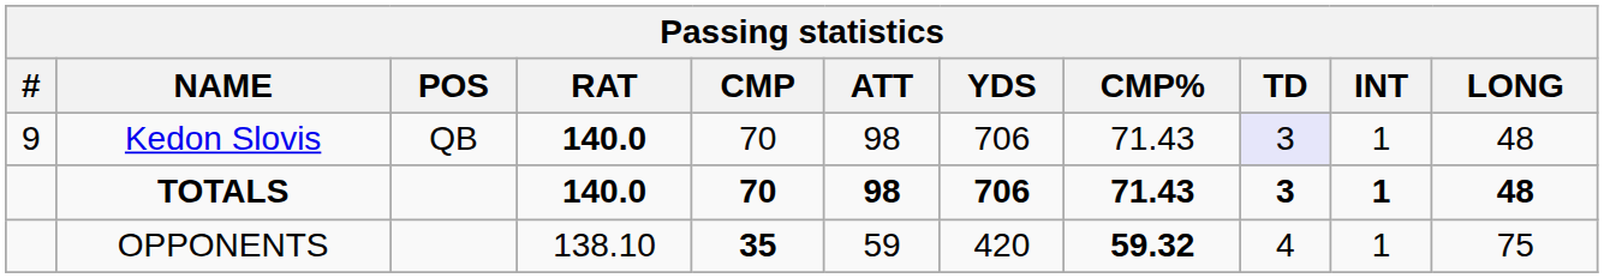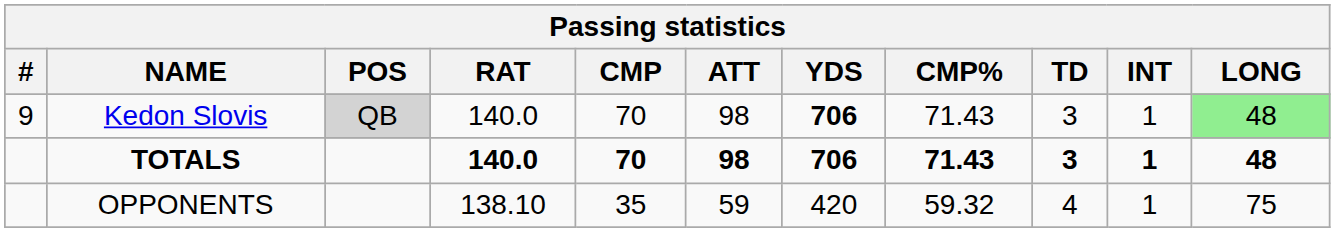 <table style="width:60%; text-align:center;" class="wikitable collapsible collapsed">
 <tr>
 <th colspan="12">Passing statistics</th>
 </tr>
 <tr>
 <th>#</th>
 <th>NAME</th>
 <th>POS</th>
 <th>RAT</th>
 <th>CMP</th>
 <th>ATT</th>
 <th>YDS</th>
 <th>CMP%</th>
 <th>TD</th>
 <th>INT</th>
 <th>LONG</th>
 </tr>
 <tr>
 <td>9</td>
 <td><a href='#'>Kedon Slovis</a></td>
-<td>QB</td>
-<td><strong>140.0</strong></td>
+<td style="background: lightgrey;">QB</td>
+<td>140.0</td>
 <td>70</td>
 <td>98</td>
-<td>706</td>
+<td><strong>706</strong></td>
 <td>71.43</td>
-<td style="background: lavender;">3</td>
+<td>3</td>
 <td>1</td>
-<td>48</td>
+<td style="background: lightgreen;">48</td>
 </tr>
 <tr>
 <td></td>
 <td><strong>TOTALS</strong></td>
 <td></td>
 <td><strong>140.0</strong></td>
 <td><strong>70</strong></td>
 <td><strong>98</strong></td>
 <td><strong>706</strong></td>
 <td><strong>71.43</strong></td>
 <td><strong>3</strong></td>
 <td><strong>1</strong></td>
 <td><strong>48</strong></td>
 </tr>
 <tr>
 <td></td>
 <td>OPPONENTS</td>
 <td></td>
 <td>138.10</td>
-<td><strong>35</strong></td>
+<td>35</td>
 <td>59</td>
 <td>420</td>
-<td><strong>59.32</strong></td>
+<td>59.32</td>
 <td>4</td>
 <td>1</td>
 <td>75</td>
 </tr>
 </table>
